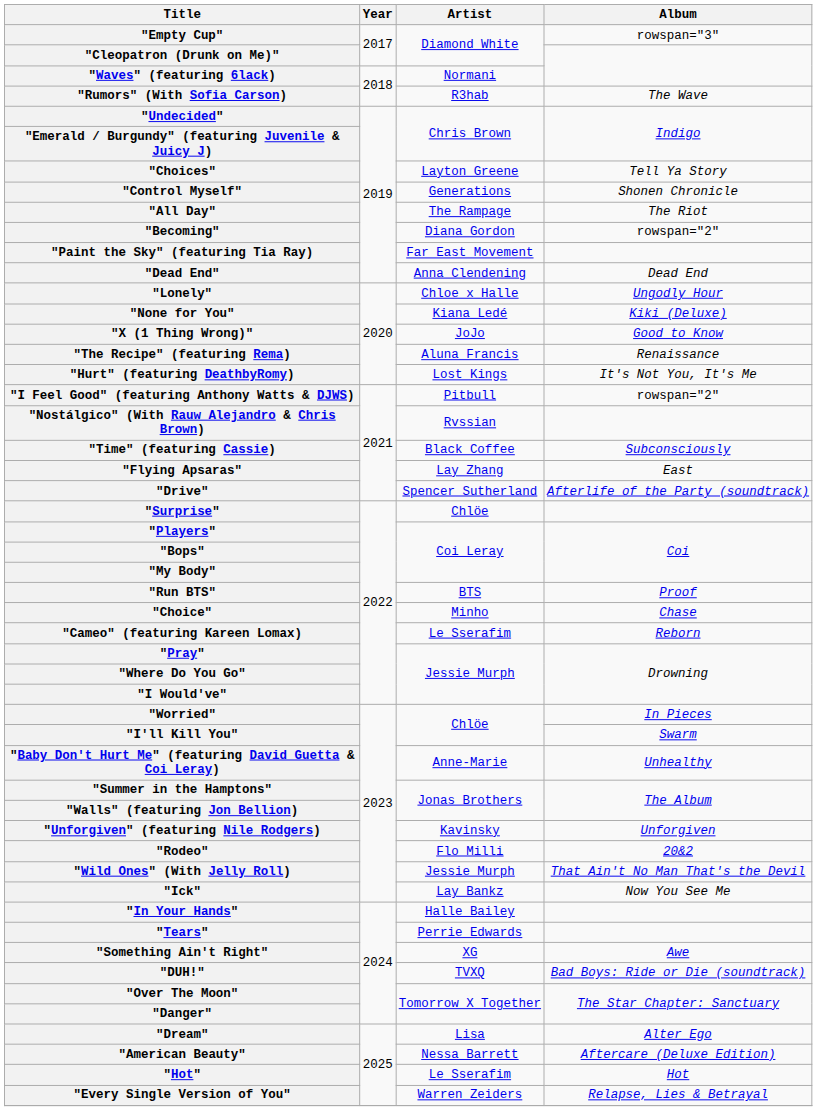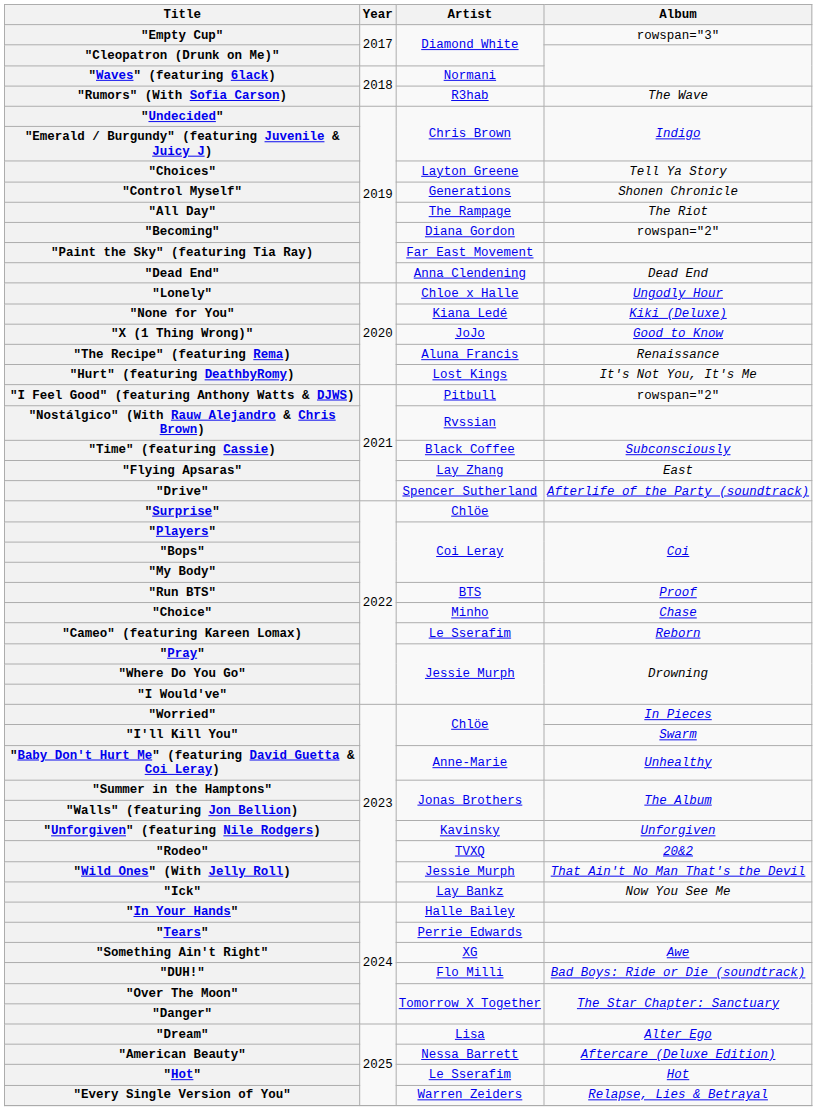 <table class="wikitable plainrowheaders" style="text-align:center;">
 <tr>
 <th scope="col" style="width:28em;">Title</th>
 <th scope="col">Year</th>
 <th scope="col">Artist</th>
 <th scope="col">Album</th>
 </tr>
 <tr>
 <th scope="row">"Empty Cup"</th>
 <td rowspan="2">2017</td>
 <td rowspan="2"><a href='#'>Diamond White</a></td>
 <td>rowspan="3"</td>
 </tr>
 <tr>
 <th scope="row">"Cleopatron (Drunk on Me)"</th>
 </tr>
 <tr>
 <th scope="row">"<a href='#'>Waves</a>" (featuring <a href='#'>6lack</a>)</th>
 <td rowspan="2">2018</td>
 <td><a href='#'>Normani</a></td>
 </tr>
 <tr>
 <th scope="row">"Rumors" (With <a href='#'>Sofia Carson</a>)</th>
 <td><a href='#'>R3hab</a></td>
 <td><em>The Wave</em></td>
 </tr>
 <tr>
 <th scope="row">"<a href='#'>Undecided</a>"</th>
 <td rowspan="8">2019</td>
 <td rowspan="2"><a href='#'>Chris Brown</a></td>
 <td rowspan="2"><em><a href='#'>Indigo</a></em></td>
 </tr>
 <tr>
 <th scope="row">"Emerald / Burgundy" (featuring <a href='#'>Juvenile</a> & <a href='#'>Juicy J</a>)</th>
 </tr>
 <tr>
 <th scope="row">"Choices"</th>
 <td><a href='#'>Layton Greene</a></td>
 <td><em>Tell Ya Story</em></td>
 </tr>
 <tr>
 <th scope="row">"Control Myself"</th>
 <td><a href='#'>Generations</a></td>
 <td><em>Shonen Chronicle</em></td>
 </tr>
 <tr>
 <th scope="row">"All Day"</th>
 <td><a href='#'>The Rampage</a></td>
 <td><em>The Riot</em></td>
 </tr>
 <tr>
 <th scope="row">"Becoming"</th>
 <td><a href='#'>Diana Gordon</a></td>
 <td>rowspan="2"</td>
 </tr>
 <tr>
 <th scope="row">"Paint the Sky" (featuring Tia Ray)</th>
 <td><a href='#'>Far East Movement</a></td>
 </tr>
 <tr>
 <th scope="row">"Dead End"</th>
 <td><a href='#'>Anna Clendening</a></td>
 <td><em>Dead End</em></td>
 </tr>
 <tr>
 <th scope="row">"Lonely"</th>
 <td rowspan="5">2020</td>
 <td><a href='#'>Chloe x Halle</a></td>
 <td><em><a href='#'>Ungodly Hour</a></em></td>
 </tr>
 <tr>
 <th scope="row">"None for You"</th>
 <td><a href='#'>Kiana Ledé</a></td>
 <td><em><a href='#'>Kiki (Deluxe)</a></em></td>
 </tr>
 <tr>
 <th scope="row">"X (1 Thing Wrong)"</th>
 <td><a href='#'>JoJo</a></td>
 <td><em><a href='#'>Good to Know</a></em></td>
 </tr>
 <tr>
 <th scope="row">"The Recipe" (featuring <a href='#'>Rema</a>)</th>
 <td><a href='#'>Aluna Francis</a></td>
 <td><em>Renaissance</em></td>
 </tr>
 <tr>
 <th scope="row">"Hurt" (featuring <a href='#'>DeathbyRomy</a>)</th>
 <td><a href='#'>Lost Kings</a></td>
 <td><em>It's Not You, It's Me</em></td>
 </tr>
 <tr>
 <th scope="row">"I Feel Good" (featuring Anthony Watts & <a href='#'>DJWS</a>)</th>
 <td rowspan="5">2021</td>
 <td><a href='#'>Pitbull</a></td>
 <td>rowspan="2"</td>
 </tr>
 <tr>
 <th scope="row">"Nostálgico" (With <a href='#'>Rauw Alejandro</a> & <a href='#'>Chris Brown</a>)</th>
 <td><a href='#'>Rvssian</a></td>
 </tr>
 <tr>
 <th scope="row">"Time" (featuring <a href='#'>Cassie</a>)</th>
 <td><a href='#'>Black Coffee</a></td>
 <td><em><a href='#'>Subconsciously</a></em></td>
 </tr>
 <tr>
 <th scope="row">"Flying Apsaras"</th>
 <td><a href='#'>Lay Zhang</a></td>
 <td><em>East</em></td>
 </tr>
 <tr>
 <th scope="row">"Drive"</th>
 <td><a href='#'>Spencer Sutherland</a></td>
 <td><em><a href='#'>Afterlife of the Party (soundtrack)</a></em></td>
 </tr>
 <tr>
 <th scope="row">"<a href='#'>Surprise</a>"</th>
 <td rowspan="10">2022</td>
 <td><a href='#'>Chlöe</a></td>
 <td></td>
 </tr>
 <tr>
 <th scope="row">"<a href='#'>Players</a>"</th>
 <td rowspan="3"><a href='#'>Coi Leray</a></td>
 <td rowspan="3"><em><a href='#'>Coi</a></em></td>
 </tr>
 <tr>
 <th scope="row">"Bops"</th>
 </tr>
 <tr>
 <th scope="row">"My Body"</th>
 </tr>
 <tr>
 <th scope="row">"Run BTS"</th>
 <td><a href='#'>BTS</a></td>
 <td><em><a href='#'>Proof</a></em></td>
 </tr>
 <tr>
 <th scope="row">"Choice"</th>
 <td><a href='#'>Minho</a></td>
 <td><em><a href='#'>Chase</a></em></td>
 </tr>
 <tr>
 <th scope="row">"Cameo" (featuring Kareen Lomax)</th>
 <td><a href='#'>Le Sserafim</a></td>
 <td><em><a href='#'>Reborn</a></em></td>
 </tr>
 <tr>
 <th scope="row">"<a href='#'>Pray</a>"</th>
 <td rowspan="3"><a href='#'>Jessie Murph</a></td>
 <td rowspan="3"><em>Drowning</em></td>
 </tr>
 <tr>
 <th scope="row">"Where Do You Go"</th>
 </tr>
 <tr>
 <th scope="row">"I Would've"</th>
 </tr>
 <tr>
 <th scope="row">"Worried"</th>
 <td rowspan="9">2023</td>
 <td rowspan="2"><a href='#'>Chlöe</a></td>
 <td><em><a href='#'>In Pieces</a></em></td>
 </tr>
 <tr>
 <th scope="row">"I'll Kill You"</th>
 <td><em><a href='#'>Swarm</a></em></td>
 </tr>
 <tr>
 <th scope="row">"<a href='#'>Baby Don't Hurt Me</a>" (featuring <a href='#'>David Guetta</a> & <a href='#'>Coi Leray</a>)</th>
 <td><a href='#'>Anne-Marie</a></td>
 <td><em><a href='#'>Unhealthy</a></em></td>
 </tr>
 <tr>
 <th scope="row">"Summer in the Hamptons"</th>
 <td rowspan="2"><a href='#'>Jonas Brothers</a></td>
 <td rowspan="2"><em><a href='#'>The Album</a></em></td>
 </tr>
 <tr>
 <th scope="row">"Walls" (featuring <a href='#'>Jon Bellion</a>)</th>
 </tr>
 <tr>
 <th scope="row">"<a href='#'>Unforgiven</a>" (featuring <a href='#'>Nile Rodgers</a>)</th>
 <td><a href='#'>Kavinsky</a></td>
 <td><em><a href='#'>Unforgiven</a></em></td>
 </tr>
 <tr>
 <th scope="row">"Rodeo"</th>
-<td><a href='#'>Flo Milli</a></td>
+<td><a href='#'>TVXQ</a></td>
 <td><em><a href='#'>20&2</a></em></td>
 </tr>
 <tr>
 <th scope="row">"<a href='#'>Wild Ones</a>" (With <a href='#'>Jelly Roll</a>)</th>
 <td><a href='#'>Jessie Murph</a></td>
 <td><em><a href='#'>That Ain't No Man That's the Devil</a></em></td>
 </tr>
 <tr>
 <th scope="row">"Ick"</th>
 <td><a href='#'>Lay Bankz</a></td>
 <td><em>Now You See Me</em></td>
 </tr>
 <tr>
 <th scope="row">"<a href='#'>In Your Hands</a>"</th>
 <td rowspan="6">2024</td>
 <td><a href='#'>Halle Bailey</a></td>
 <td></td>
 </tr>
 <tr>
 <th scope="row">"<a href='#'>Tears</a>"</th>
 <td><a href='#'>Perrie Edwards</a></td>
 <td></td>
 </tr>
 <tr>
 <th scope="row">"Something Ain't Right"</th>
 <td><a href='#'>XG</a></td>
 <td><em><a href='#'>Awe</a></em></td>
 </tr>
 <tr>
 <th scope="row">"DUH!"</th>
-<td><a href='#'>TVXQ</a></td>
+<td><a href='#'>Flo Milli</a></td>
 <td><em><a href='#'>Bad Boys: Ride or Die (soundtrack)</a></em></td>
 </tr>
 <tr>
 <th scope="row">"Over The Moon"</th>
 <td rowspan="2"><a href='#'>Tomorrow X Together</a></td>
 <td rowspan="2"><em><a href='#'>The Star Chapter: Sanctuary</a></em></td>
 </tr>
 <tr>
 <th scope="row">"Danger"</th>
 </tr>
 <tr>
 <th scope="row">"Dream"</th>
 <td rowspan="4">2025</td>
 <td><a href='#'>Lisa</a></td>
 <td><em><a href='#'>Alter Ego</a></em></td>
 </tr>
 <tr>
 <th scope="row">"American Beauty"</th>
 <td><a href='#'>Nessa Barrett</a></td>
 <td><em><a href='#'>Aftercare (Deluxe Edition)</a></em></td>
 </tr>
 <tr>
 <th scope="row">"<a href='#'>Hot</a>"</th>
 <td><a href='#'>Le Sserafim</a></td>
 <td><em><a href='#'>Hot</a></em></td>
 </tr>
 <tr>
 <th scope="row">"Every Single Version of You"</th>
 <td><a href='#'>Warren Zeiders</a></td>
 <td><em><a href='#'>Relapse, Lies & Betrayal</a></em></td>
 </tr>
 <tr>
 </tr>
 </table>
